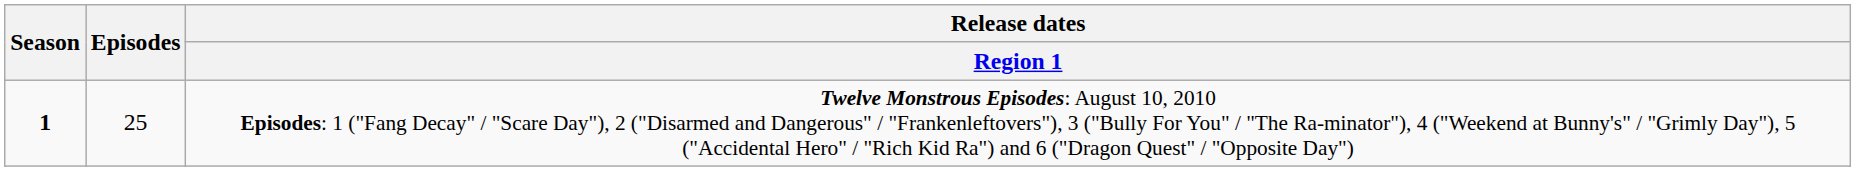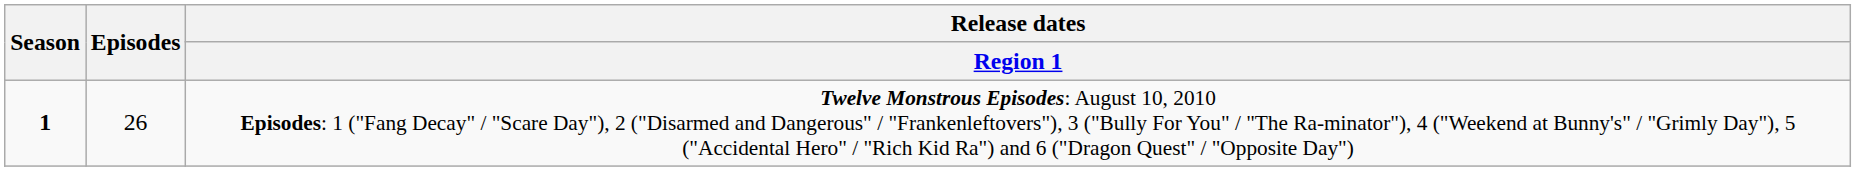 <table class="wikitable" style="text-align: center;">
 <tr>
 <th rowspan="2">Season</th>
 <th rowspan=2>Episodes</th>
 <th>Release dates</th>
 </tr>
 <tr>
 <th><a href='#'>Region 1</a></th>
 </tr>
 <tr>
 <td><strong>1</strong></td>
-<td>25</td>
+<td>26</td>
 <td style="font-size:90%"><strong><em>Twelve Monstrous Episodes</em></strong>: August 10, 2010<br><strong>Episodes</strong>: 1 ("Fang Decay" / "Scare Day"), 2 ("Disarmed and Dangerous" / "Frankenleftovers"), 3 ("Bully For You" / "The Ra-minator"), 4 ("Weekend at Bunny's" / "Grimly Day"), 5 ("Accidental Hero" / "Rich Kid Ra") and 6 ("Dragon Quest" / "Opposite Day")</td>
 </tr>
 </table>
